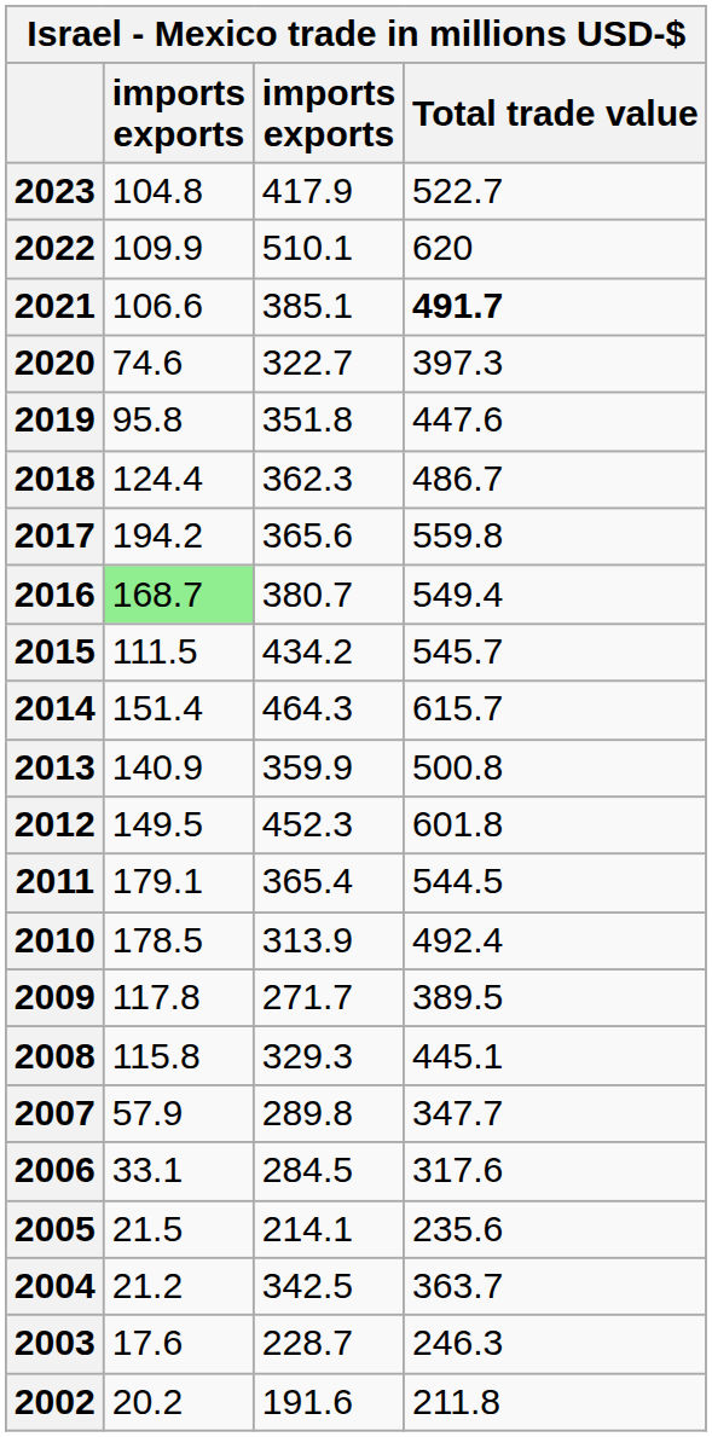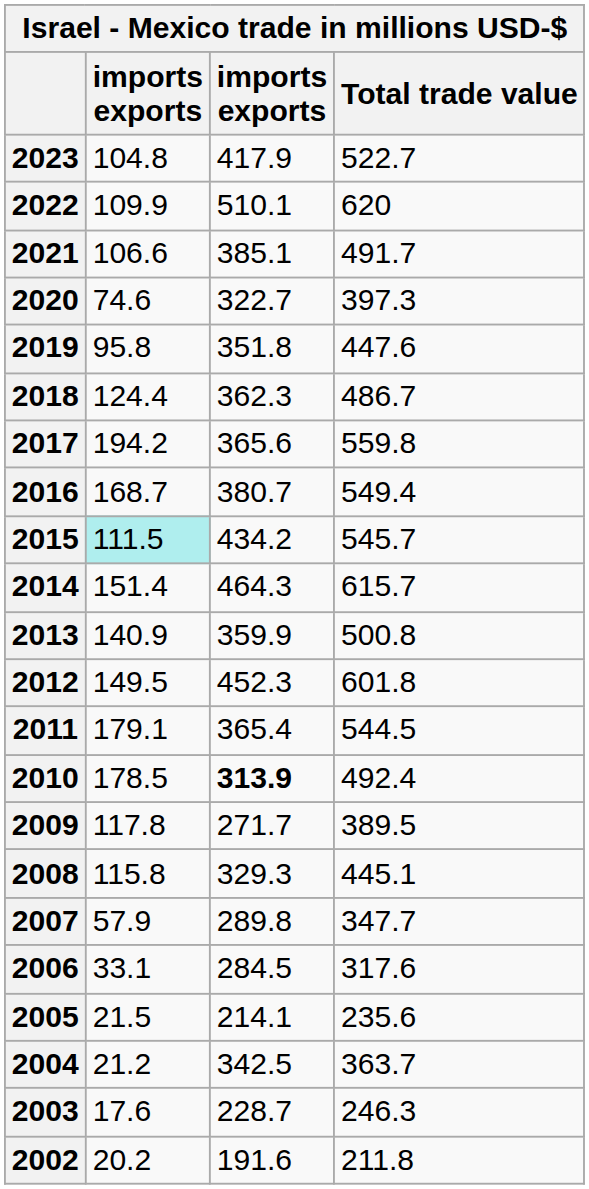 <table class="wikitable mw-collapsible mw-collapsed">
 <tr>
 <th colspan="4">Israel - Mexico trade in millions USD-$ </th>
 </tr>
 <tr>
 <th></th>
 <th> imports<br> exports</th>
 <th> imports<br> exports</th>
 <th>Total trade value</th>
 </tr>
 <tr>
 <th>2023</th>
 <td>104.8</td>
 <td>417.9</td>
 <td>522.7</td>
 </tr>
 <tr>
 <th>2022</th>
 <td>109.9</td>
 <td>510.1</td>
 <td>620</td>
 </tr>
 <tr>
 <th>2021</th>
 <td>106.6</td>
 <td>385.1</td>
-<td><strong>491.7</strong></td>
+<td>491.7</td>
 </tr>
 <tr>
 <th>2020</th>
 <td>74.6</td>
 <td>322.7</td>
 <td>397.3</td>
 </tr>
 <tr>
 <th>2019</th>
 <td>95.8</td>
 <td>351.8</td>
 <td>447.6</td>
 </tr>
 <tr>
 <th>2018</th>
 <td>124.4</td>
 <td>362.3</td>
 <td>486.7</td>
 </tr>
 <tr>
 <th>2017</th>
 <td>194.2</td>
 <td>365.6</td>
 <td>559.8</td>
 </tr>
 <tr>
 <th>2016</th>
-<td style="background: lightgreen;">168.7</td>
+<td>168.7</td>
 <td>380.7</td>
 <td>549.4</td>
 </tr>
 <tr>
 <th>2015</th>
-<td>111.5</td>
+<td style="background: paleturquoise;">111.5</td>
 <td>434.2</td>
 <td>545.7</td>
 </tr>
 <tr>
 <th>2014</th>
 <td>151.4</td>
 <td>464.3</td>
 <td>615.7</td>
 </tr>
 <tr>
 <th>2013</th>
 <td>140.9</td>
 <td>359.9</td>
 <td>500.8</td>
 </tr>
 <tr>
 <th>2012</th>
 <td>149.5</td>
 <td>452.3</td>
 <td>601.8</td>
 </tr>
 <tr>
 <th>2011</th>
 <td>179.1</td>
 <td>365.4</td>
 <td>544.5</td>
 </tr>
 <tr>
 <th>2010</th>
 <td>178.5</td>
-<td>313.9</td>
+<td><strong>313.9</strong></td>
 <td>492.4</td>
 </tr>
 <tr>
 <th>2009</th>
 <td>117.8</td>
 <td>271.7</td>
 <td>389.5</td>
 </tr>
 <tr>
 <th>2008</th>
 <td>115.8</td>
 <td>329.3</td>
 <td>445.1</td>
 </tr>
 <tr>
 <th>2007</th>
 <td>57.9</td>
 <td>289.8</td>
 <td>347.7</td>
 </tr>
 <tr>
 <th>2006</th>
 <td>33.1</td>
 <td>284.5</td>
 <td>317.6</td>
 </tr>
 <tr>
 <th>2005</th>
 <td>21.5</td>
 <td>214.1</td>
 <td>235.6</td>
 </tr>
 <tr>
 <th>2004</th>
 <td>21.2</td>
 <td>342.5</td>
 <td>363.7</td>
 </tr>
 <tr>
 <th>2003</th>
 <td>17.6</td>
 <td>228.7</td>
 <td>246.3</td>
 </tr>
 <tr>
 <th>2002</th>
 <td>20.2</td>
 <td>191.6</td>
 <td>211.8</td>
 </tr>
 </table>
